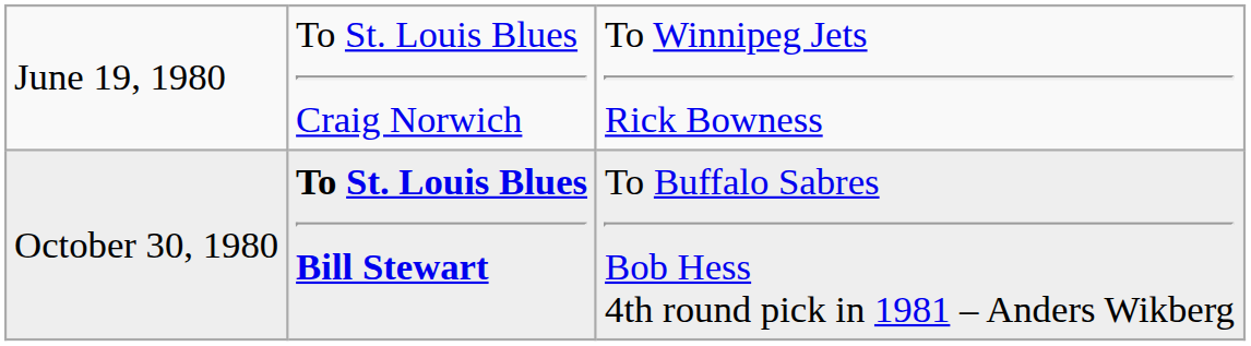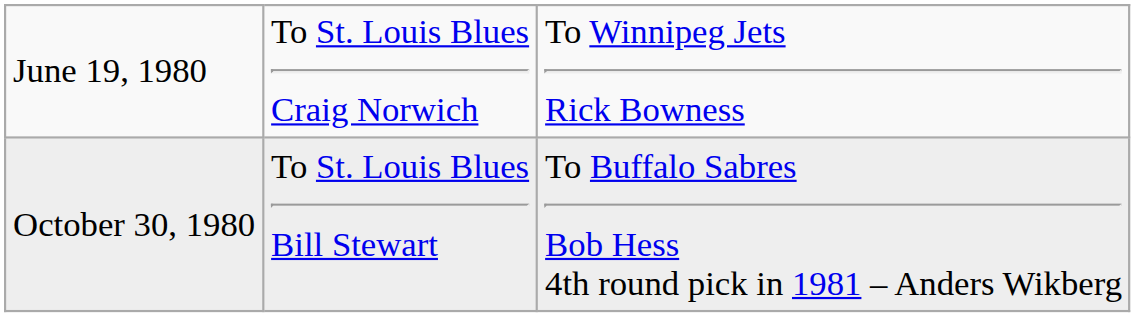 <table class="wikitable">
 <tr>
 <td>June 19, 1980</td>
 <td valign="top">To <a href='#'>St. Louis Blues</a><hr><a href='#'>Craig Norwich</a></td>
 <td valign="top">To <a href='#'>Winnipeg Jets</a><hr><a href='#'>Rick Bowness</a></td>
 </tr>
 <tr style="background:#eee;">
 <td>October 30, 1980</td>
-<td valign="top"><strong>To <a href='#'>St. Louis Blues</a><hr><a href='#'>Bill Stewart</a></strong></td>
+<td valign="top">To <a href='#'>St. Louis Blues</a><hr><a href='#'>Bill Stewart</a></td>
 <td valign="top">To <a href='#'>Buffalo Sabres</a><hr><a href='#'>Bob Hess</a> <br> 4th round pick in <a href='#'>1981</a> – Anders Wikberg</td>
 </tr>
 </table>
